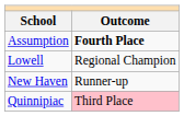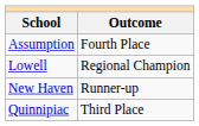 <table class="wikitable" style="float:left; margin-right:1em;">
 <tr>
 <th colspan="3" style="background:#ffdead;"></th>
 </tr>
 <tr>
 <th>School</th>
 <th>Outcome</th>
 </tr>
 <tr>
 <td><a href='#'>Assumption</a></td>
-<td><strong>Fourth Place</strong></td>
+<td>Fourth Place</td>
 </tr>
 <tr>
 <td><a href='#'>Lowell</a></td>
 <td>Regional Champion</td>
 </tr>
 <tr>
 <td><a href='#'>New Haven</a></td>
 <td>Runner-up</td>
 </tr>
 <tr>
 <td><a href='#'>Quinnipiac</a></td>
-<td style="background: pink;">Third Place</td>
+<td>Third Place</td>
 </tr>
 </table>
